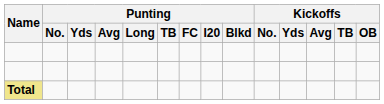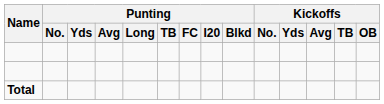 <table class="wikitable" style="white-space:nowrap;">
 <tr>
 <th rowspan="2">Name</th>
 <th colspan="8">Punting</th>
 <th colspan="5">Kickoffs</th>
 </tr>
 <tr>
 <th>No.</th>
 <th>Yds</th>
 <th>Avg</th>
 <th>Long</th>
 <th>TB</th>
 <th>FC</th>
 <th>I20</th>
 <th>Blkd</th>
 <th>No.</th>
 <th>Yds</th>
 <th>Avg</th>
 <th>TB</th>
 <th>OB</th>
 </tr>
 <tr>
 <td> </td>
 <td> </td>
 <td> </td>
 <td> </td>
 <td> </td>
 <td> </td>
 <td> </td>
 <td> </td>
 <td> </td>
 <td> </td>
 <td> </td>
 <td> </td>
 <td> </td>
 <td></td>
 </tr>
 <tr>
 <td> </td>
 <td> </td>
 <td> </td>
 <td> </td>
 <td> </td>
 <td> </td>
 <td> </td>
 <td> </td>
 <td> </td>
 <td> </td>
 <td> </td>
 <td> </td>
 <td> </td>
 <td></td>
 </tr>
 <tr>
-<td style="background: khaki;"><strong>Total</strong></td>
+<td><strong>Total</strong></td>
 <td> </td>
 <td> </td>
 <td> </td>
 <td> </td>
 <td> </td>
 <td> </td>
 <td> </td>
 <td> </td>
 <td> </td>
 <td> </td>
 <td> </td>
 <td> </td>
 <td></td>
 </tr>
 </table>
